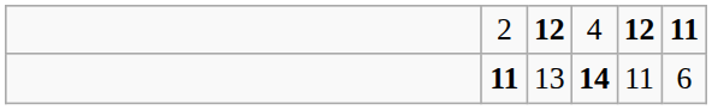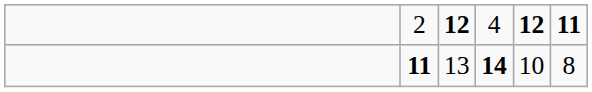 <table class="wikitable">
 <tr>
 <td style="width:15em"></td>
 <td align=center style="width:1em">2</td>
 <td align=center style="width:1em"><strong>12</strong></td>
 <td align=center style="width:1em">4</td>
 <td align=center style="width:1em"><strong>12</strong></td>
 <td align=center style="width:1em"><strong>11</strong></td>
 </tr>
 <tr>
 <td style="width:15em"></td>
 <td align=center style="width:1em"><strong>11</strong></td>
 <td align=center style="width:1em">13</td>
 <td align=center style="width:1em"><strong>14</strong></td>
-<td align=center style="width:1em">11</td>
-<td align=center style="width:1em">6</td>
+<td align=center style="width:1em">10</td>
+<td align=center style="width:1em">8</td>
 </tr>
 </table>
